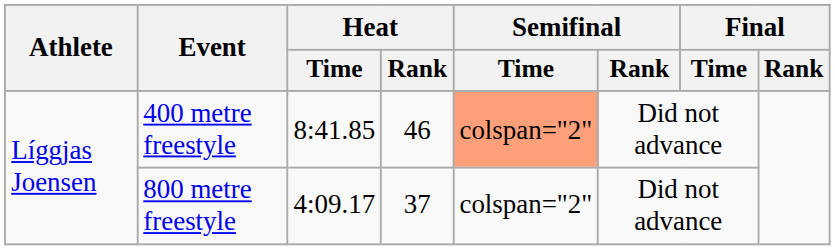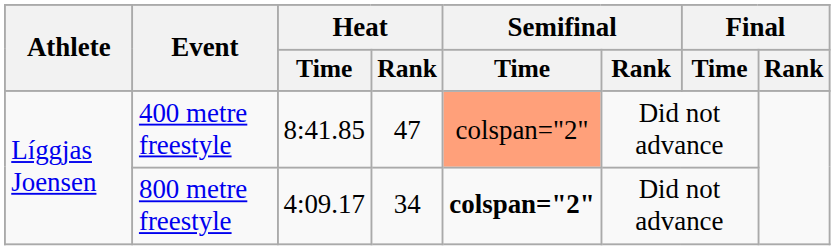 <table class="wikitable" style="text-align:center; font-size:90%; width:50%;">
 <tr>
 <th rowspan="2">Athlete</th>
 <th rowspan="2">Event</th>
 <th colspan="2">Heat</th>
 <th colspan="2">Semifinal</th>
 <th colspan="2">Final</th>
 </tr>
 <tr style="font-size:95%">
 <th>Time</th>
 <th>Rank</th>
 <th>Time</th>
 <th>Rank</th>
 <th>Time</th>
 <th>Rank</th>
 </tr>
 <tr>
 <td align=left rowspan=2><a href='#'>Líggjas Joensen</a></td>
 <td align=left><a href='#'>400 metre freestyle</a></td>
 <td>8:41.85</td>
-<td>46</td>
+<td>47</td>
 <td style="background: lightsalmon;">colspan="2" </td>
 <td colspan="2">Did not advance</td>
 </tr>
 <tr>
 <td align=left><a href='#'>800 metre freestyle</a></td>
 <td>4:09.17</td>
-<td>37</td>
-<td>colspan="2" </td>
+<td>34</td>
+<td><strong>colspan="2" </strong></td>
 <td colspan="2">Did not advance</td>
 </tr>
 </table>
